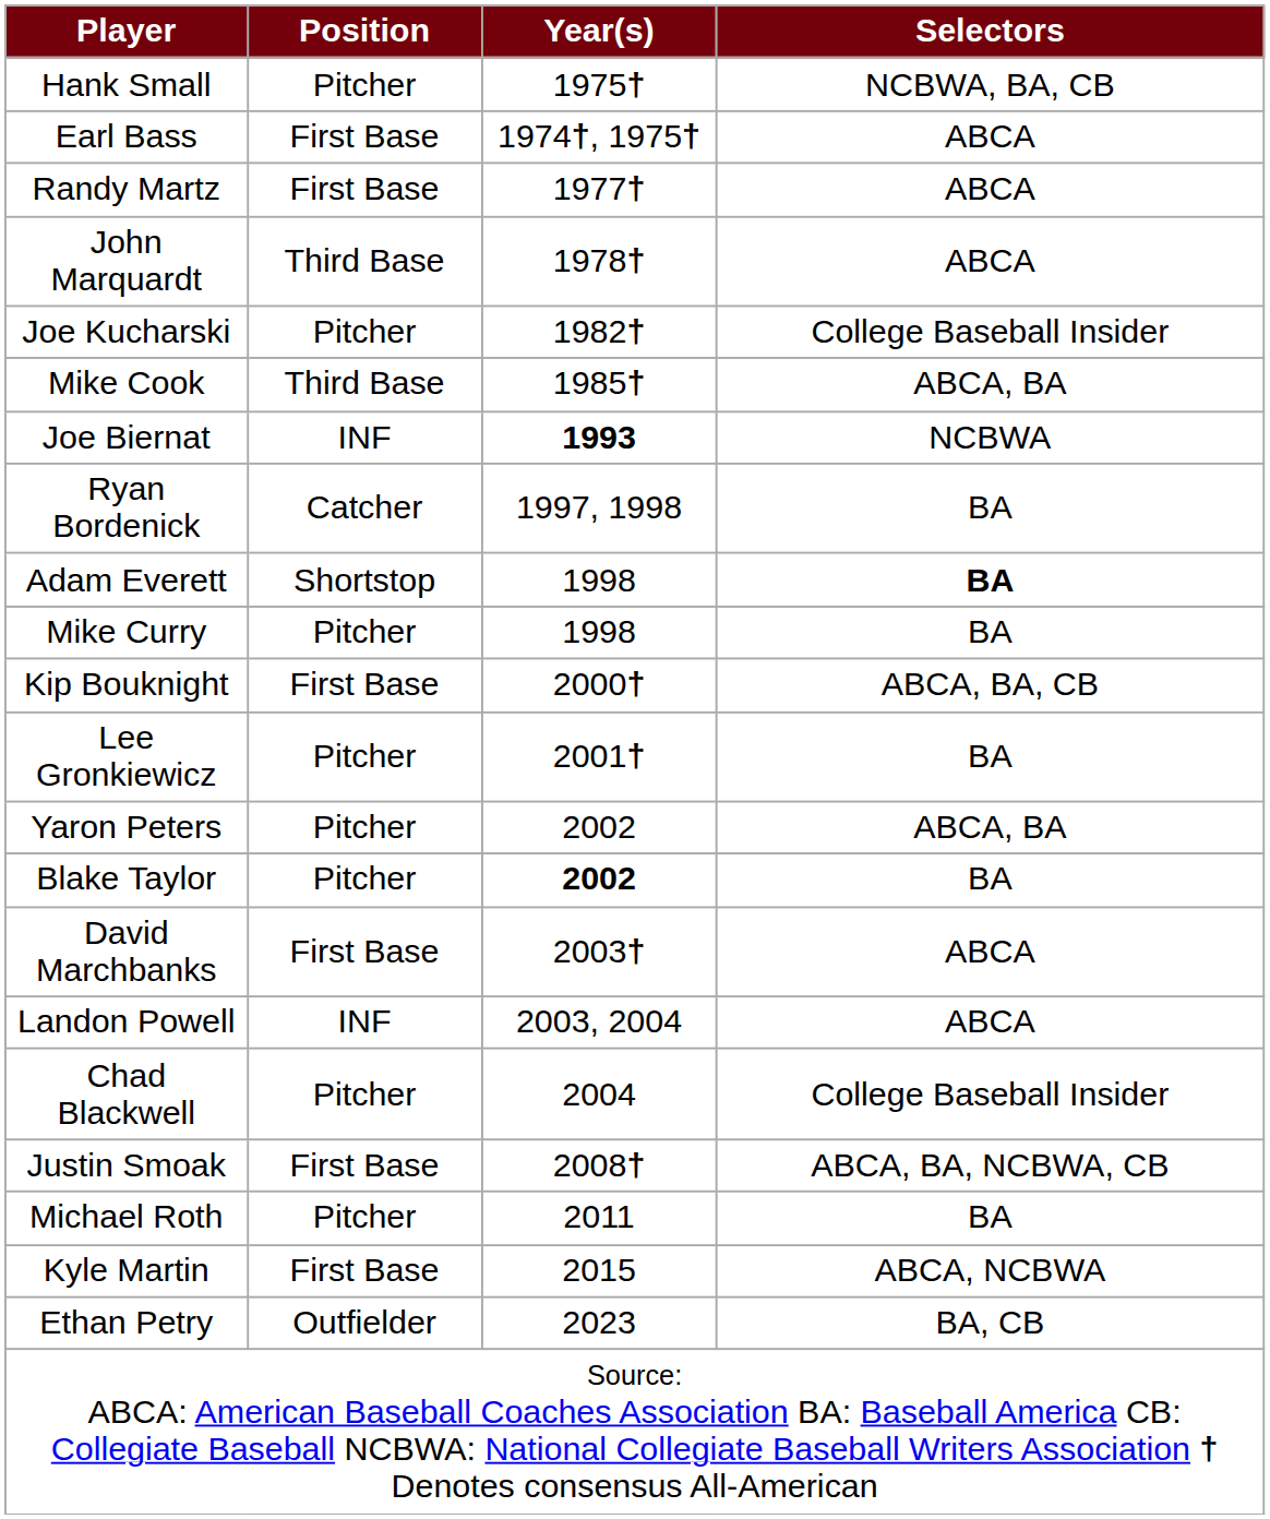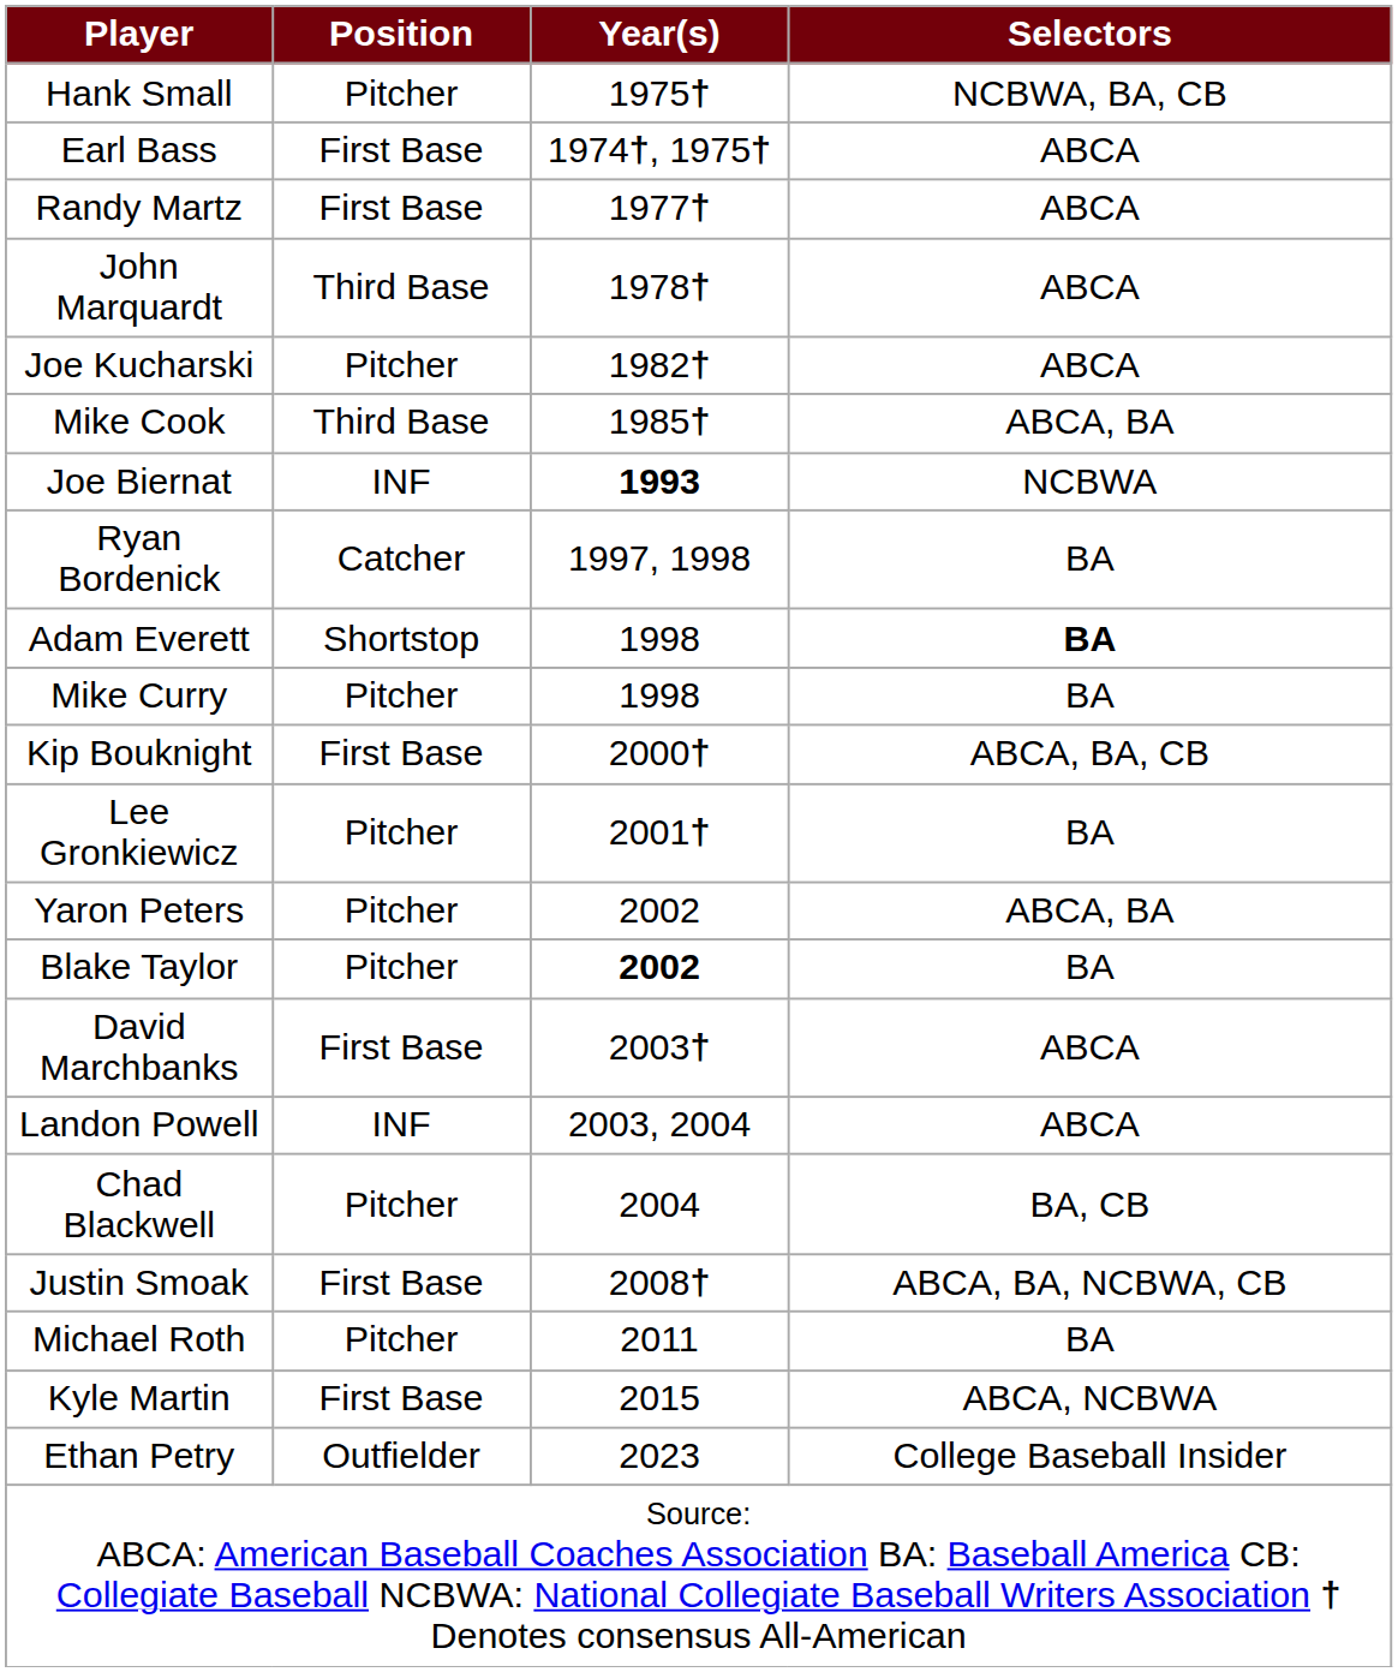 <table class="wikitable" style="background:white; min-width:70%">
 <tr>
 <th style="background: #73000A; color:white; width:15%">Player</th>
 <th style="background: #73000A; color:white; width:15%">Position</th>
 <th style="background: #73000A; color:white; width:15%">Year(s)</th>
 <th style="background: #73000A; color:white; width:35%">Selectors</th>
 </tr>
 <tr align="center">
 <td>Hank Small</td>
 <td>Pitcher</td>
 <td>1975<strong>†</strong></td>
 <td>NCBWA, BA, CB</td>
 </tr>
 <tr align="center">
 <td>Earl Bass</td>
 <td>First Base</td>
 <td>1974<strong>†</strong>, 1975<strong>†</strong></td>
 <td>ABCA</td>
 </tr>
 <tr align="center">
 <td>Randy Martz</td>
 <td>First Base</td>
 <td>1977<strong>†</strong></td>
 <td>ABCA</td>
 </tr>
 <tr align="center">
 <td>John Marquardt</td>
 <td>Third Base</td>
 <td>1978<strong>†</strong></td>
 <td>ABCA</td>
 </tr>
 <tr align="center">
 <td>Joe Kucharski</td>
 <td>Pitcher</td>
 <td>1982<strong>†</strong></td>
-<td>College Baseball Insider</td>
+<td>ABCA</td>
 </tr>
 <tr align="center">
 <td>Mike Cook</td>
 <td>Third Base</td>
 <td>1985<strong>†</strong></td>
 <td>ABCA, BA</td>
 </tr>
 <tr align="center">
 <td>Joe Biernat</td>
 <td>INF</td>
 <td><strong>1993</strong></td>
 <td>NCBWA</td>
 </tr>
 <tr align="center">
 <td>Ryan Bordenick</td>
 <td>Catcher</td>
 <td>1997, 1998</td>
 <td>BA</td>
 </tr>
 <tr align="center">
 <td>Adam Everett</td>
 <td>Shortstop</td>
 <td>1998</td>
 <td><strong>BA</strong></td>
 </tr>
 <tr align="center">
 <td>Mike Curry</td>
 <td>Pitcher</td>
 <td>1998</td>
 <td>BA</td>
 </tr>
 <tr align="center">
 <td>Kip Bouknight</td>
 <td>First Base</td>
 <td>2000<strong>†</strong></td>
 <td>ABCA, BA, CB</td>
 </tr>
 <tr align="center">
 <td>Lee Gronkiewicz</td>
 <td>Pitcher</td>
 <td>2001<strong>†</strong></td>
 <td>BA</td>
 </tr>
 <tr align="center">
 <td>Yaron Peters</td>
 <td>Pitcher</td>
 <td>2002</td>
 <td>ABCA, BA</td>
 </tr>
 <tr align="center">
 <td>Blake Taylor</td>
 <td>Pitcher</td>
 <td><strong>2002</strong></td>
 <td>BA</td>
 </tr>
 <tr align="center">
 <td>David Marchbanks</td>
 <td>First Base</td>
 <td>2003<strong>†</strong></td>
 <td>ABCA</td>
 </tr>
 <tr align="center">
 <td>Landon Powell</td>
 <td>INF</td>
 <td>2003, 2004</td>
 <td>ABCA</td>
 </tr>
 <tr align="center">
 <td>Chad Blackwell</td>
 <td>Pitcher</td>
 <td>2004</td>
-<td>College Baseball Insider</td>
+<td>BA, CB</td>
 </tr>
 <tr align="center">
 <td>Justin Smoak</td>
 <td>First Base</td>
 <td>2008<strong>†</strong></td>
 <td>ABCA, BA, NCBWA, CB</td>
 </tr>
 <tr align="center">
 <td>Michael Roth</td>
 <td>Pitcher</td>
 <td>2011</td>
 <td>BA</td>
 </tr>
 <tr align="center">
 <td>Kyle Martin</td>
 <td>First Base</td>
 <td>2015</td>
 <td>ABCA, NCBWA</td>
 </tr>
 <tr align="center">
 <td>Ethan Petry</td>
 <td>Outfielder</td>
 <td>2023</td>
-<td>BA, CB</td>
+<td>College Baseball Insider</td>
 </tr>
 <tr align="center">
 <td colspan=4><small>Source:</small><br>ABCA: <a href='#'>American Baseball Coaches Association</a> BA: <a href='#'>Baseball America</a> CB: <a href='#'>Collegiate Baseball</a> NCBWA: <a href='#'>National Collegiate Baseball Writers Association</a> <strong>†</strong> Denotes consensus All-American</td>
 </tr>
 <tr>
 </tr>
 </table>
